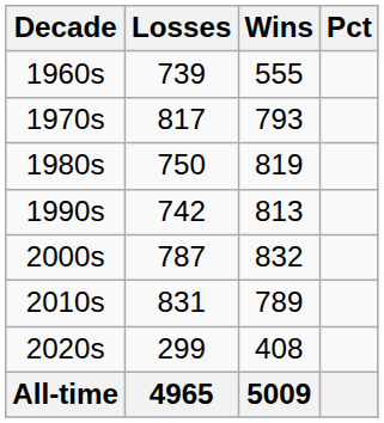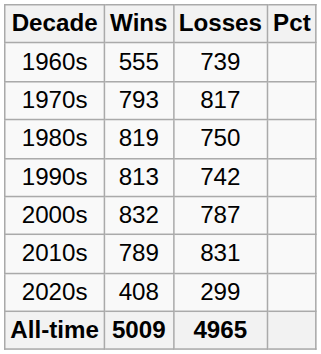 <table class="wikitable" style="text-align:center">
 <tr>
 <th style="text-align:center; ">Decade</th>
+<th style="text-align:center; ">Wins</th>
 <th style="text-align:center; ">Losses</th>
-<th style="text-align:center; ">Wins</th>
 <th style="text-align:center; ">Pct</th>
 </tr>
 <tr>
 <td>1960s</td>
+<td>555</td>
 <td>739</td>
-<td>555</td>
 <td></td>
 </tr>
 <tr>
 <td>1970s</td>
+<td>793</td>
 <td>817</td>
-<td>793</td>
 <td></td>
 </tr>
 <tr>
 <td>1980s</td>
+<td>819</td>
 <td>750</td>
-<td>819</td>
 <td></td>
 </tr>
 <tr>
 <td>1990s</td>
+<td>813</td>
 <td>742</td>
-<td>813</td>
 <td></td>
 </tr>
 <tr>
 <td>2000s</td>
+<td>832</td>
 <td>787</td>
-<td>832</td>
 <td></td>
 </tr>
 <tr>
 <td>2010s</td>
+<td>789</td>
 <td>831</td>
-<td>789</td>
 <td></td>
 </tr>
 <tr>
 <td>2020s</td>
+<td>408</td>
 <td>299</td>
-<td>408</td>
 <td></td>
 </tr>
 <tr style="background:#f0f0f0; font-weight:bold">
 <th style="text-align:center; ">All-time</th>
+<th style="text-align:center; ">5009</th>
 <th style="text-align:center; ">4965</th>
-<th style="text-align:center; ">5009</th>
 <th style="text-align:center; "></th>
 </tr>
 </table>
